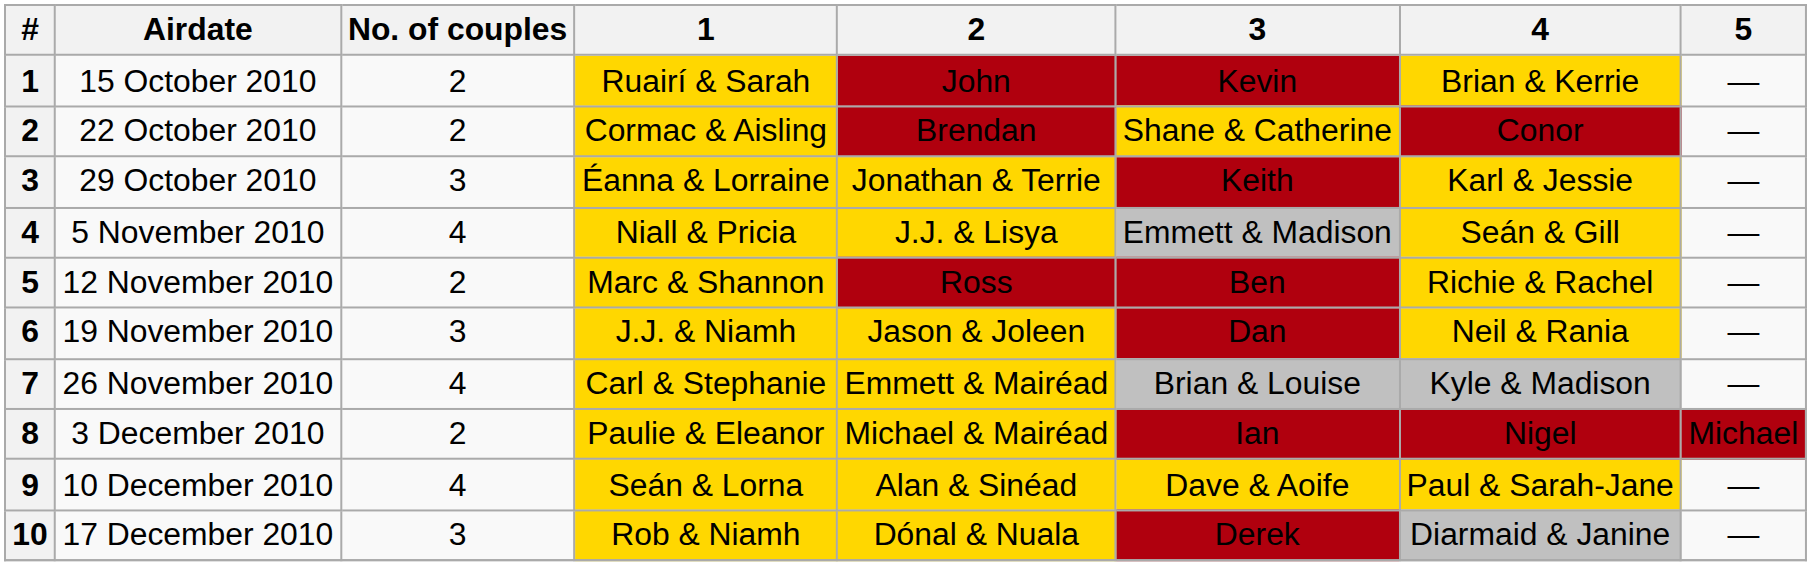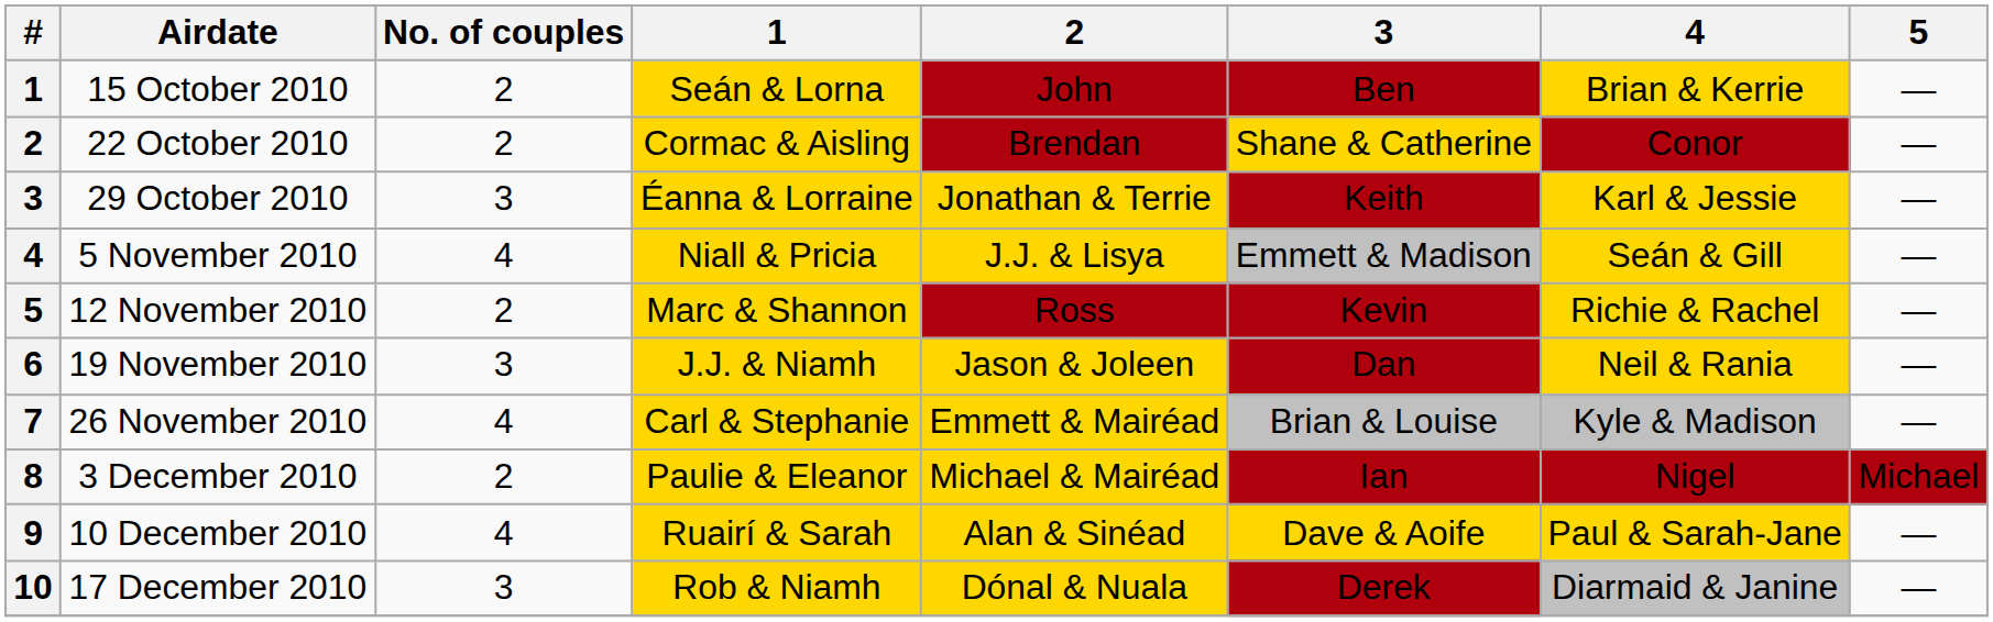 <table class="wikitable" style="text-align:center">
 <tr>
 <th>#</th>
 <th>Airdate</th>
 <th>No. of couples</th>
 <th>1</th>
 <th>2</th>
 <th>3</th>
 <th>4</th>
 <th>5</th>
 </tr>
 <tr>
 <th>1</th>
 <td>15 October 2010</td>
 <td>2</td>
-<td bgcolor="gold">Ruairí & Sarah</td>
+<td bgcolor="gold">Seán & Lorna</td>
 <td bgcolor="bronze">John</td>
-<td bgcolor="bronze">Kevin</td>
+<td bgcolor="bronze">Ben</td>
 <td bgcolor="gold">Brian & Kerrie</td>
 <td>—</td>
 </tr>
 <tr>
 <th>2</th>
 <td>22 October 2010</td>
 <td>2</td>
 <td bgcolor="gold">Cormac & Aisling</td>
 <td bgcolor="bronze">Brendan</td>
 <td bgcolor="gold">Shane & Catherine</td>
 <td bgcolor="bronze">Conor</td>
 <td>—</td>
 </tr>
 <tr>
 <th>3</th>
 <td>29 October 2010</td>
 <td>3</td>
 <td bgcolor="gold">Éanna & Lorraine</td>
 <td bgcolor="gold">Jonathan & Terrie</td>
 <td bgcolor="bronze">Keith</td>
 <td bgcolor="gold">Karl & Jessie</td>
 <td>—</td>
 </tr>
 <tr>
 <th>4</th>
 <td>5 November 2010</td>
 <td>4</td>
 <td bgcolor="gold">Niall & Pricia</td>
 <td bgcolor="gold">J.J. & Lisya</td>
 <td bgcolor="silver">Emmett & Madison</td>
 <td bgcolor="gold">Seán & Gill</td>
 <td>—</td>
 </tr>
 <tr>
 <th>5</th>
 <td>12 November 2010</td>
 <td>2</td>
 <td bgcolor="gold">Marc & Shannon</td>
 <td bgcolor="bronze">Ross</td>
-<td bgcolor="bronze">Ben</td>
+<td bgcolor="bronze">Kevin</td>
 <td bgcolor="gold">Richie & Rachel</td>
 <td>—</td>
 </tr>
 <tr>
 <th>6</th>
 <td>19 November 2010</td>
 <td>3</td>
 <td bgcolor="gold">J.J. & Niamh</td>
 <td bgcolor="gold">Jason & Joleen</td>
 <td bgcolor="bronze">Dan</td>
 <td bgcolor="gold">Neil & Rania</td>
 <td>—</td>
 </tr>
 <tr>
 <th>7</th>
 <td>26 November 2010</td>
 <td>4</td>
 <td bgcolor="gold">Carl & Stephanie</td>
 <td bgcolor="gold">Emmett & Mairéad</td>
 <td bgcolor="silver">Brian & Louise</td>
 <td bgcolor="silver">Kyle & Madison</td>
 <td>—</td>
 </tr>
 <tr>
 <th>8</th>
 <td>3 December 2010</td>
 <td>2</td>
 <td bgcolor="gold">Paulie & Eleanor</td>
 <td bgcolor="gold">Michael & Mairéad</td>
 <td bgcolor="bronze">Ian</td>
 <td bgcolor="bronze">Nigel</td>
 <td bgcolor="bronze">Michael</td>
 </tr>
 <tr>
 <th>9</th>
 <td>10 December 2010</td>
 <td>4</td>
-<td bgcolor="gold">Seán & Lorna</td>
+<td bgcolor="gold">Ruairí & Sarah</td>
 <td bgcolor="gold">Alan & Sinéad</td>
 <td bgcolor="gold">Dave & Aoife</td>
 <td bgcolor="gold">Paul & Sarah-Jane</td>
 <td>—</td>
 </tr>
 <tr>
 <th>10</th>
 <td>17 December 2010</td>
 <td>3</td>
 <td bgcolor="gold">Rob & Niamh</td>
 <td bgcolor="gold">Dónal & Nuala</td>
 <td bgcolor="bronze">Derek</td>
 <td bgcolor="silver">Diarmaid & Janine</td>
 <td>—</td>
 </tr>
 <tr>
 </tr>
 </table>
